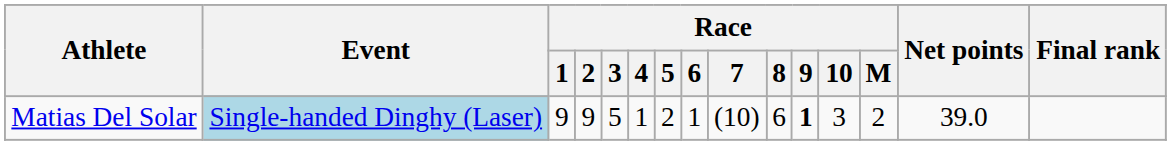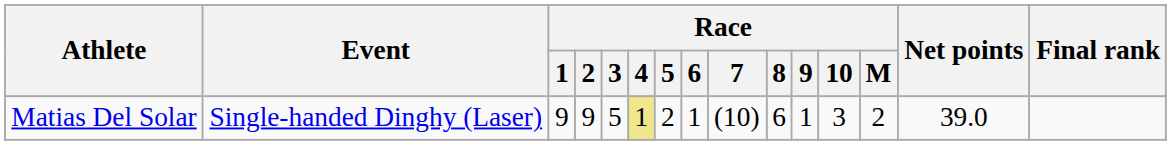 <table class="wikitable" border="1" style="font-size:90%">
 <tr>
 <th rowspan=2>Athlete</th>
 <th rowspan=2>Event</th>
 <th colspan=11>Race</th>
 <th rowspan=2>Net points</th>
 <th rowspan=2>Final rank</th>
 </tr>
 <tr>
 <th>1</th>
 <th>2</th>
 <th>3</th>
 <th>4</th>
 <th>5</th>
 <th>6</th>
 <th>7</th>
 <th>8</th>
 <th>9</th>
 <th>10</th>
 <th>M</th>
 </tr>
 <tr align=center>
 <td align=left><a href='#'>Matias Del Solar</a></td>
-<td align=left style="background: lightblue;"><a href='#'>Single-handed Dinghy (Laser)</a></td>
+<td align=left><a href='#'>Single-handed Dinghy (Laser)</a></td>
 <td>9</td>
 <td>9</td>
 <td>5</td>
-<td>1</td>
+<td style="background: khaki;">1</td>
 <td>2</td>
 <td>1</td>
 <td>(10)</td>
 <td>6</td>
-<td><strong>1</strong></td>
+<td>1</td>
 <td>3</td>
 <td>2</td>
 <td>39.0</td>
 <td></td>
 </tr>
 </table>
